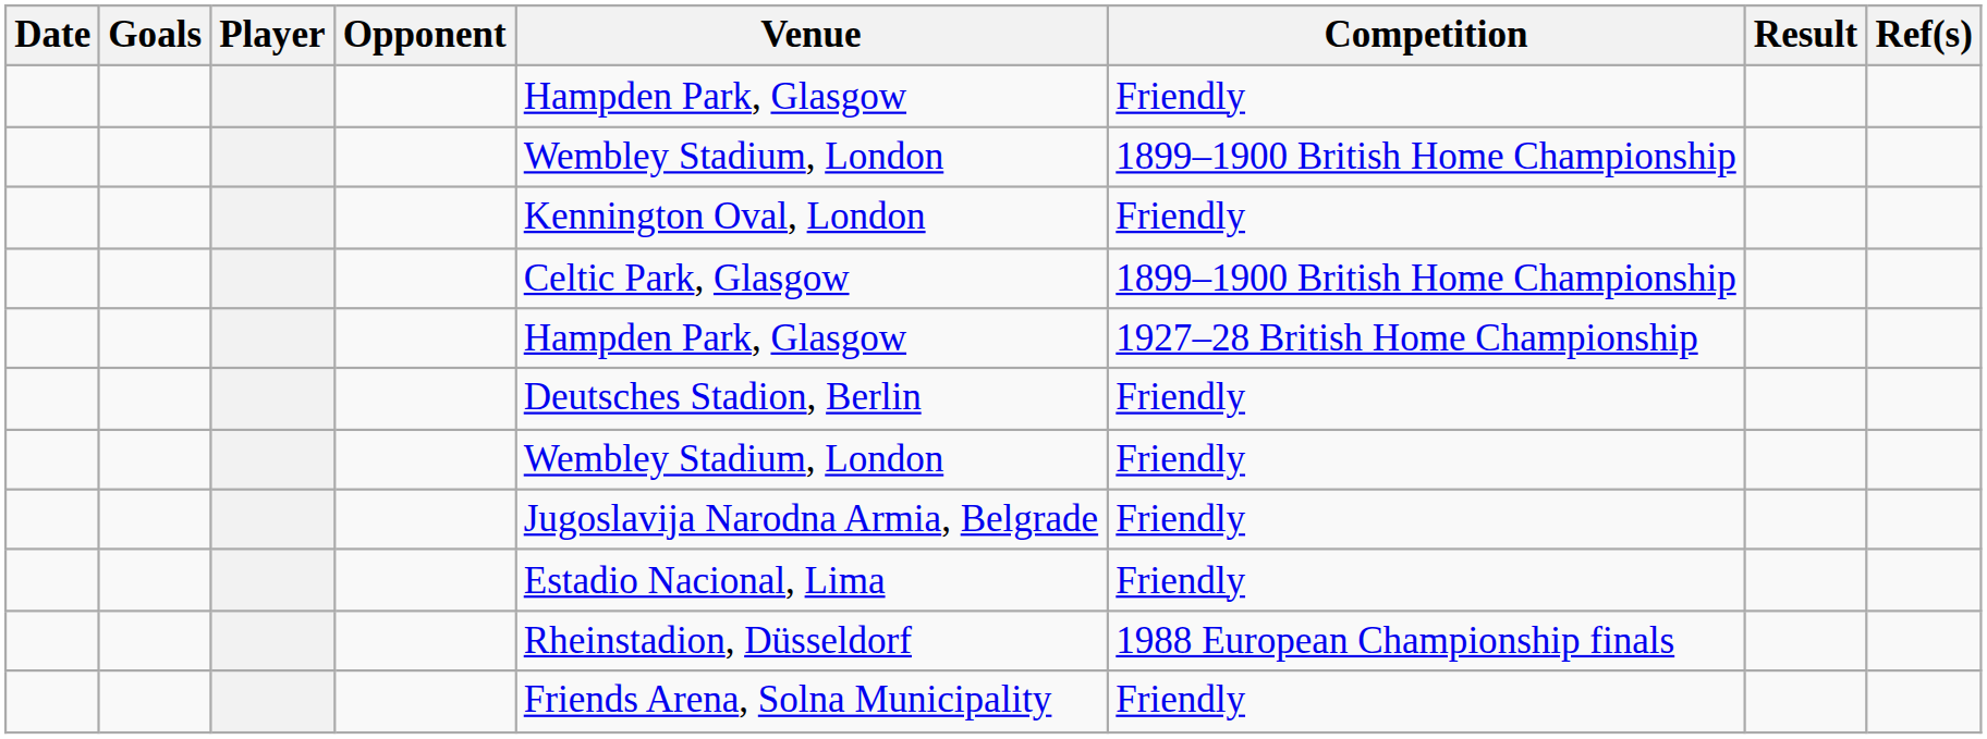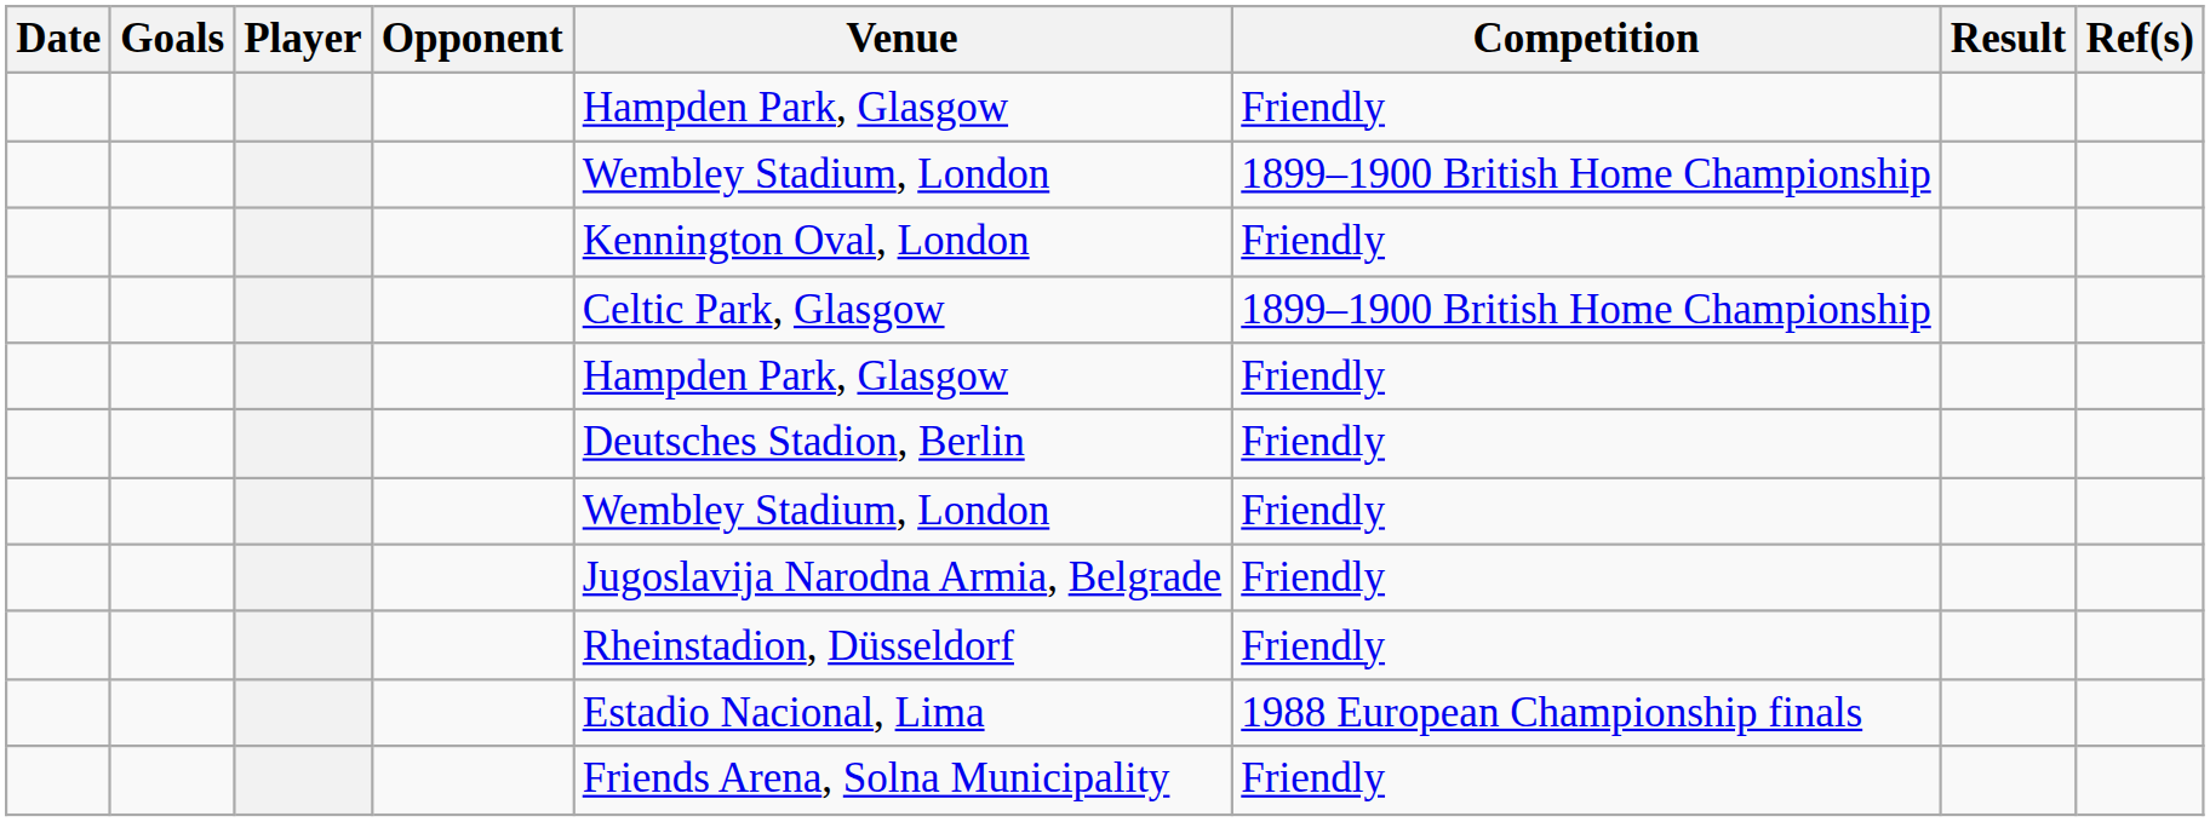 <table class="wikitable plainrowheaders sortable">
 <tr>
 <th scope=col>Date</th>
 <th scope=col>Goals</th>
 <th scope=col>Player</th>
 <th scope=col>Opponent</th>
 <th scope=col>Venue</th>
 <th scope=col>Competition</th>
 <th scope=col>Result</th>
 <th scope=col class=unsortable>Ref(s)</th>
 </tr>
 <tr>
 <td></td>
 <td></td>
 <th scope=row></th>
 <td></td>
 <td><a href='#'>Hampden Park</a>, <a href='#'>Glasgow</a></td>
 <td><a href='#'>Friendly</a></td>
 <td></td>
 <td></td>
 </tr>
 <tr>
 <td></td>
 <td></td>
 <th scope=row></th>
 <td></td>
 <td><a href='#'>Wembley Stadium</a>, <a href='#'>London</a></td>
 <td><a href='#'>1899–1900 British Home Championship</a></td>
 <td></td>
 <td></td>
 </tr>
 <tr>
 <td></td>
 <td></td>
 <th scope=row></th>
 <td></td>
 <td><a href='#'>Kennington Oval</a>, <a href='#'>London</a></td>
 <td><a href='#'>Friendly</a></td>
 <td></td>
 <td></td>
 </tr>
 <tr>
 <td></td>
 <td></td>
 <th scope=row></th>
 <td></td>
 <td><a href='#'>Celtic Park</a>, <a href='#'>Glasgow</a></td>
 <td><a href='#'>1899–1900 British Home Championship</a></td>
 <td></td>
 <td></td>
 </tr>
 <tr>
 <td></td>
 <td></td>
 <th scope=row></th>
 <td></td>
 <td><a href='#'>Hampden Park</a>, <a href='#'>Glasgow</a></td>
-<td><a href='#'>1927–28 British Home Championship</a></td>
+<td><a href='#'>Friendly</a></td>
 <td></td>
 <td></td>
 </tr>
 <tr>
 <td></td>
 <td></td>
 <th scope=row></th>
 <td></td>
 <td><a href='#'>Deutsches Stadion</a>, <a href='#'>Berlin</a></td>
 <td><a href='#'>Friendly</a></td>
 <td></td>
 <td></td>
 </tr>
 <tr>
 <td></td>
 <td></td>
 <th scope=row></th>
 <td></td>
 <td><a href='#'>Wembley Stadium</a>, <a href='#'>London</a></td>
 <td><a href='#'>Friendly</a></td>
 <td></td>
 <td></td>
 </tr>
 <tr>
 <td></td>
 <td></td>
 <th scope=row></th>
 <td></td>
 <td><a href='#'>Jugoslavija Narodna Armia</a>, <a href='#'>Belgrade</a></td>
 <td><a href='#'>Friendly</a></td>
 <td></td>
 <td></td>
 </tr>
 <tr>
 <td></td>
 <td></td>
 <th scope=row></th>
 <td></td>
-<td><a href='#'>Estadio Nacional</a>, <a href='#'>Lima</a></td>
+<td><a href='#'>Rheinstadion</a>, <a href='#'>Düsseldorf</a></td>
 <td><a href='#'>Friendly</a></td>
 <td></td>
 <td></td>
 </tr>
 <tr>
 <td></td>
 <td></td>
 <th scope=row></th>
 <td></td>
-<td><a href='#'>Rheinstadion</a>, <a href='#'>Düsseldorf</a></td>
+<td><a href='#'>Estadio Nacional</a>, <a href='#'>Lima</a></td>
 <td><a href='#'>1988 European Championship finals</a></td>
 <td></td>
 <td></td>
 </tr>
 <tr>
 <td></td>
 <td></td>
 <th scope=row></th>
 <td></td>
 <td><a href='#'>Friends Arena</a>, <a href='#'>Solna Municipality</a></td>
 <td><a href='#'>Friendly</a></td>
 <td></td>
 <td></td>
 </tr>
 </table>
